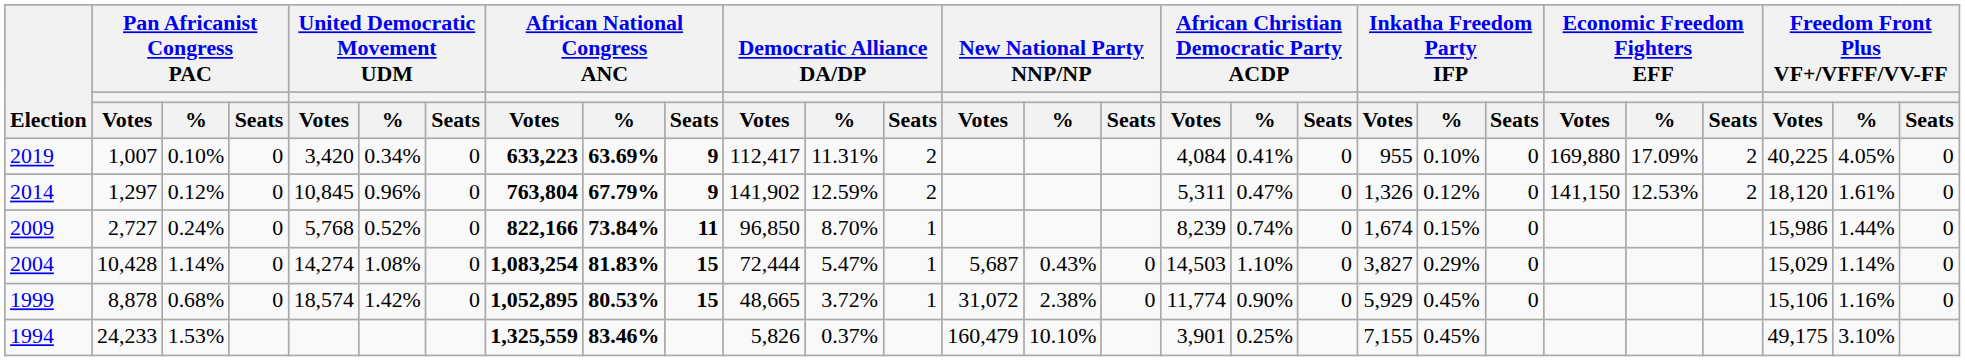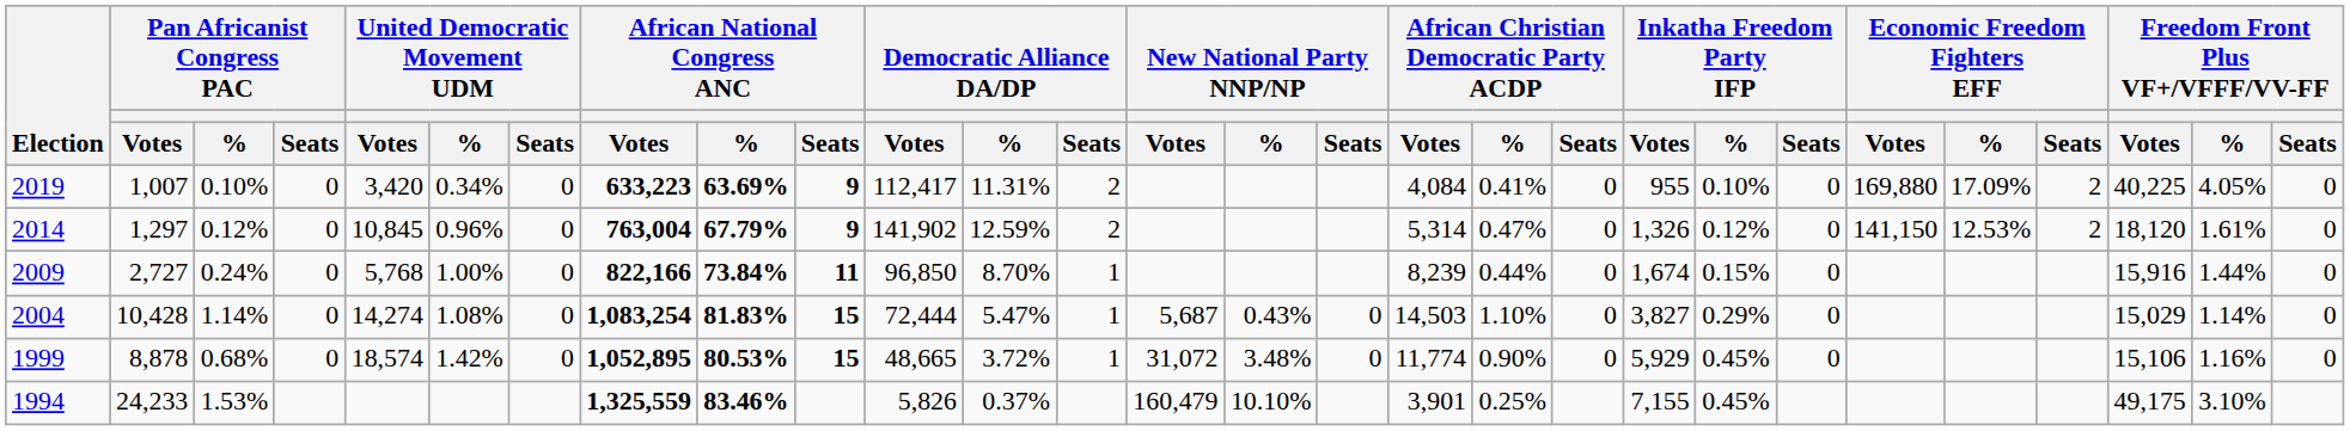 <table class="wikitable mw-collapsible mw-collapsed" border="1" style="font-size:80%; text-align:right;">
 <tr>
 <th style="text-align:left;" valign=bottom rowspan=3>Election</th>
 <th valign=bottom colspan=3><a href='#'>Pan Africanist<br>Congress</a><br>PAC</th>
 <th valign=bottom colspan=3><a href='#'>United Democratic<br>Movement</a><br>UDM</th>
 <th valign=bottom colspan=3><a href='#'>African National<br>Congress</a><br>ANC</th>
 <th valign=bottom colspan=3><a href='#'>Democratic Alliance</a><br>DA/DP</th>
 <th valign=bottom colspan=3><a href='#'>New National Party</a><br>NNP/NP</th>
 <th valign=bottom colspan=3><a href='#'>African Christian<br>Democratic Party</a><br>ACDP</th>
 <th valign=bottom colspan=3><a href='#'>Inkatha Freedom<br>Party</a><br>IFP</th>
 <th valign=bottom colspan=3><a href='#'>Economic Freedom<br>Fighters</a><br>EFF</th>
 <th valign=bottom colspan=3><a href='#'>Freedom Front<br>Plus</a><br>VF+/VFFF/VV-FF</th>
 </tr>
 <tr>
 <th colspan=3 style="background:"></th>
 <th colspan=3 style="background:"></th>
 <th colspan=3 style="background:"></th>
 <th colspan=3 style="background:"></th>
 <th colspan=3 style="background:"></th>
 <th colspan=3 style="background:"></th>
 <th colspan=3 style="background:"></th>
 <th colspan=3 style="background:"></th>
 <th colspan=3 style="background:"></th>
 </tr>
 <tr>
 <th>Votes</th>
 <th>%</th>
 <th>Seats</th>
 <th>Votes</th>
 <th>%</th>
 <th>Seats</th>
 <th>Votes</th>
 <th>%</th>
 <th>Seats</th>
 <th>Votes</th>
 <th>%</th>
 <th>Seats</th>
 <th>Votes</th>
 <th>%</th>
 <th>Seats</th>
 <th>Votes</th>
 <th>%</th>
 <th>Seats</th>
 <th>Votes</th>
 <th>%</th>
 <th>Seats</th>
 <th>Votes</th>
 <th>%</th>
 <th>Seats</th>
 <th>Votes</th>
 <th>%</th>
 <th>Seats</th>
 </tr>
 <tr>
 <td align=left><a href='#'>2019</a></td>
 <td>1,007</td>
 <td>0.10%</td>
 <td>0</td>
 <td>3,420</td>
 <td>0.34%</td>
 <td>0</td>
 <td><strong>633,223</strong></td>
 <td><strong>63.69%</strong></td>
 <td><strong>9</strong></td>
 <td>112,417</td>
 <td>11.31%</td>
 <td>2</td>
 <td></td>
 <td></td>
 <td></td>
 <td>4,084</td>
 <td>0.41%</td>
 <td>0</td>
 <td>955</td>
 <td>0.10%</td>
 <td>0</td>
 <td>169,880</td>
 <td>17.09%</td>
 <td>2</td>
 <td>40,225</td>
 <td>4.05%</td>
 <td>0</td>
 </tr>
 <tr>
 <td align=left><a href='#'>2014</a></td>
 <td>1,297</td>
 <td>0.12%</td>
 <td>0</td>
 <td>10,845</td>
 <td>0.96%</td>
 <td>0</td>
-<td><strong>763,804</strong></td>
+<td><strong>763,004</strong></td>
 <td><strong>67.79%</strong></td>
 <td><strong>9</strong></td>
 <td>141,902</td>
 <td>12.59%</td>
 <td>2</td>
 <td></td>
 <td></td>
 <td></td>
-<td>5,311</td>
+<td>5,314</td>
 <td>0.47%</td>
 <td>0</td>
 <td>1,326</td>
 <td>0.12%</td>
 <td>0</td>
 <td>141,150</td>
 <td>12.53%</td>
 <td>2</td>
 <td>18,120</td>
 <td>1.61%</td>
 <td>0</td>
 </tr>
 <tr>
 <td align=left><a href='#'>2009</a></td>
 <td>2,727</td>
 <td>0.24%</td>
 <td>0</td>
 <td>5,768</td>
-<td>0.52%</td>
+<td>1.00%</td>
 <td>0</td>
 <td><strong>822,166</strong></td>
 <td><strong>73.84%</strong></td>
 <td><strong>11</strong></td>
 <td>96,850</td>
 <td>8.70%</td>
 <td>1</td>
 <td></td>
 <td></td>
 <td></td>
 <td>8,239</td>
-<td>0.74%</td>
+<td>0.44%</td>
 <td>0</td>
 <td>1,674</td>
 <td>0.15%</td>
 <td>0</td>
 <td></td>
 <td></td>
 <td></td>
-<td>15,986</td>
+<td>15,916</td>
 <td>1.44%</td>
 <td>0</td>
 </tr>
 <tr>
 <td align=left><a href='#'>2004</a></td>
 <td>10,428</td>
 <td>1.14%</td>
 <td>0</td>
 <td>14,274</td>
 <td>1.08%</td>
 <td>0</td>
 <td><strong>1,083,254</strong></td>
 <td><strong>81.83%</strong></td>
 <td><strong>15</strong></td>
 <td>72,444</td>
 <td>5.47%</td>
 <td>1</td>
 <td>5,687</td>
 <td>0.43%</td>
 <td>0</td>
 <td>14,503</td>
 <td>1.10%</td>
 <td>0</td>
 <td>3,827</td>
 <td>0.29%</td>
 <td>0</td>
 <td></td>
 <td></td>
 <td></td>
 <td>15,029</td>
 <td>1.14%</td>
 <td>0</td>
 </tr>
 <tr>
 <td align=left><a href='#'>1999</a></td>
 <td>8,878</td>
 <td>0.68%</td>
 <td>0</td>
 <td>18,574</td>
 <td>1.42%</td>
 <td>0</td>
 <td><strong>1,052,895</strong></td>
 <td><strong>80.53%</strong></td>
 <td><strong>15</strong></td>
 <td>48,665</td>
 <td>3.72%</td>
 <td>1</td>
 <td>31,072</td>
-<td>2.38%</td>
+<td>3.48%</td>
 <td>0</td>
 <td>11,774</td>
 <td>0.90%</td>
 <td>0</td>
 <td>5,929</td>
 <td>0.45%</td>
 <td>0</td>
 <td></td>
 <td></td>
 <td></td>
 <td>15,106</td>
 <td>1.16%</td>
 <td>0</td>
 </tr>
 <tr>
 <td align=left><a href='#'>1994</a></td>
 <td>24,233</td>
 <td>1.53%</td>
 <td></td>
 <td></td>
 <td></td>
 <td></td>
 <td><strong>1,325,559</strong></td>
 <td><strong>83.46%</strong></td>
 <td></td>
 <td>5,826</td>
 <td>0.37%</td>
 <td></td>
 <td>160,479</td>
 <td>10.10%</td>
 <td></td>
 <td>3,901</td>
 <td>0.25%</td>
 <td></td>
 <td>7,155</td>
 <td>0.45%</td>
 <td></td>
 <td></td>
 <td></td>
 <td></td>
 <td>49,175</td>
 <td>3.10%</td>
 <td></td>
 </tr>
 </table>
